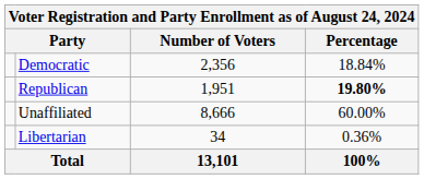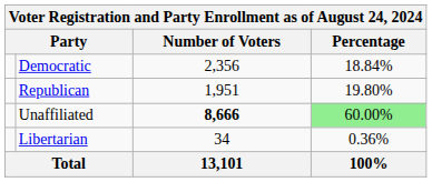 <table class=wikitable>
 <tr>
 <th colspan = 6>Voter Registration and Party Enrollment as of August 24, 2024</th>
 </tr>
 <tr>
 <th colspan = 2>Party</th>
 <th>Number of Voters</th>
 <th>Percentage</th>
 </tr>
 <tr>
 <td></td>
 <td><a href='#'>Democratic</a></td>
 <td align = center>2,356</td>
 <td align = center>18.84%</td>
 </tr>
 <tr>
 <td></td>
 <td><a href='#'>Republican</a></td>
 <td align = center>1,951</td>
-<td align = center><strong>19.80%</strong></td>
+<td align = center>19.80%</td>
 </tr>
 <tr>
 <td></td>
 <td>Unaffiliated</td>
-<td align = center>8,666</td>
-<td align = center>60.00%</td>
+<td align = center><strong>8,666</strong></td>
+<td align = center style="background: lightgreen;">60.00%</td>
 </tr>
 <tr>
 <td></td>
 <td><a href='#'>Libertarian</a></td>
 <td align = center>34</td>
 <td align = center>0.36%</td>
 </tr>
 <tr>
 <th colspan = 2>Total</th>
 <th align = center>13,101</th>
 <th align = center>100%</th>
 </tr>
 </table>
